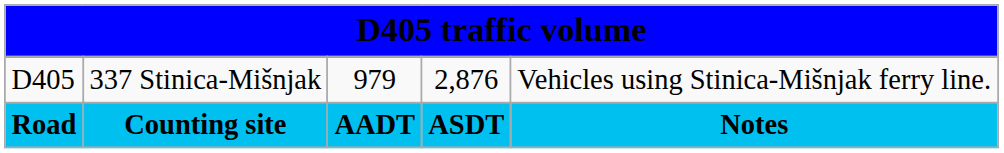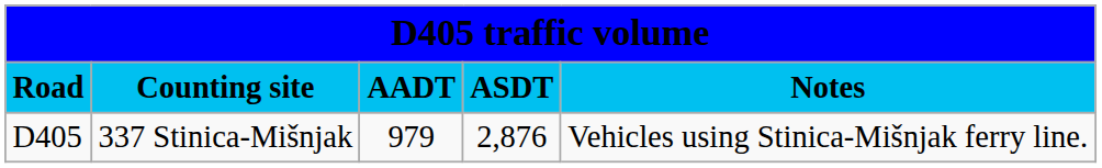 <table class="wikitable">
 <tr>
 <td colspan=5 bgcolor=blue align=center style=margin-top:15><span><big><strong>D405 traffic volume</strong></big></span></td>
+</tr>
+<tr>
+<td align=center bgcolor=00c0f0><strong>Road</strong></td>
+<td align=center bgcolor=00c0f0><strong>Counting site</strong></td>
+<td align=center bgcolor=00c0f0><strong>AADT</strong></td>
+<td align=center bgcolor=00c0f0><strong>ASDT</strong></td>
+<td align=center bgcolor=00c0f0><strong>Notes</strong></td>
 </tr>
 <tr>
 <td> D405</td>
 <td>337 Stinica-Mišnjak</td>
 <td align=center>979</td>
 <td align=center>2,876</td>
 <td>Vehicles using Stinica-Mišnjak ferry line.</td>
 </tr>
-<tr>
-<td align=center bgcolor=00c0f0><strong>Road</strong></td>
-<td align=center bgcolor=00c0f0><strong>Counting site</strong></td>
-<td align=center bgcolor=00c0f0><strong>AADT</strong></td>
-<td align=center bgcolor=00c0f0><strong>ASDT</strong></td>
-<td align=center bgcolor=00c0f0><strong>Notes</strong></td>
-</tr>
 </table>
